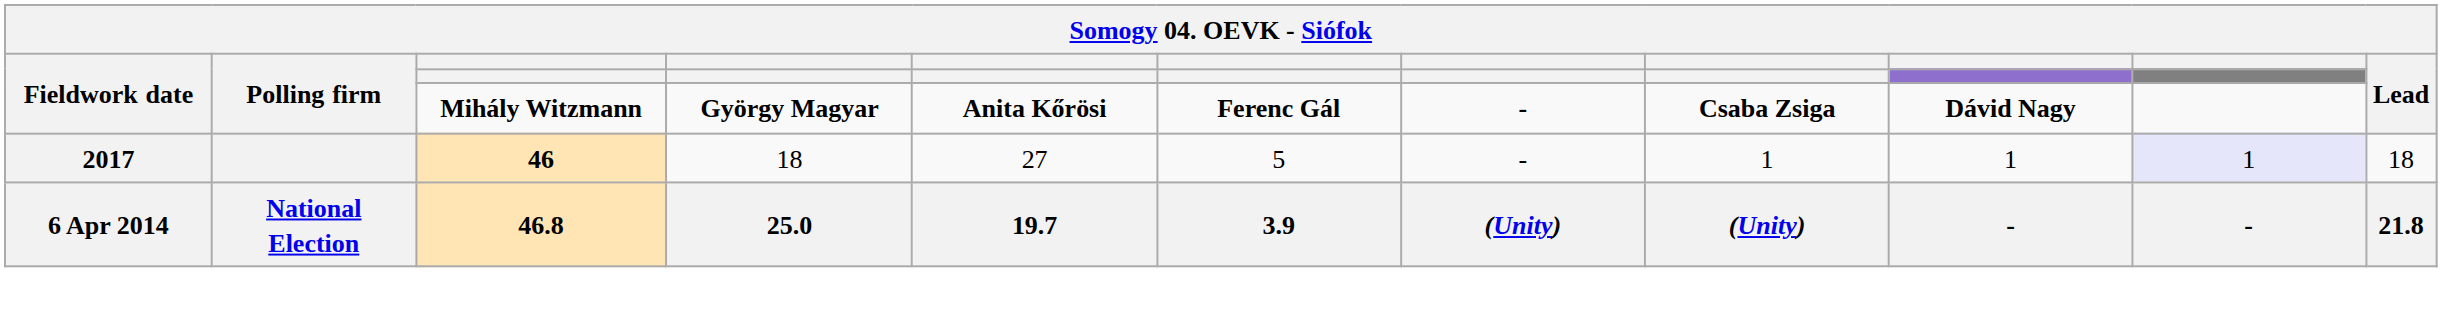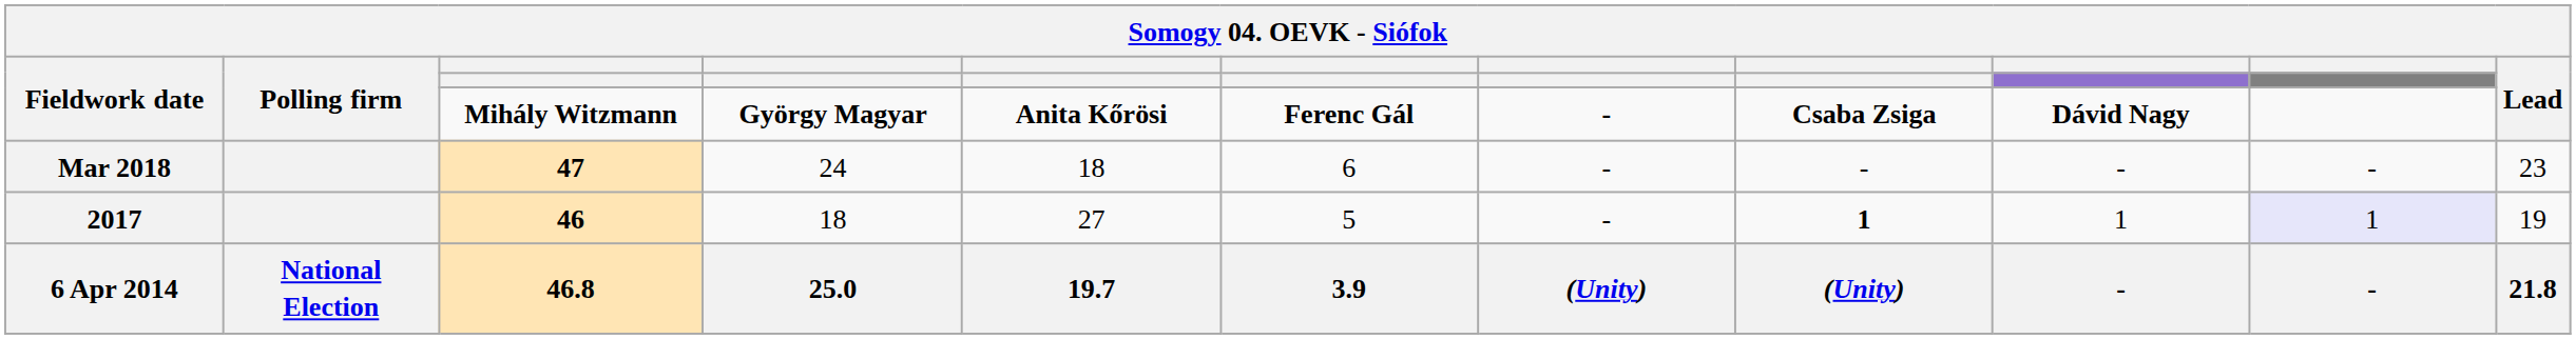 <table class="wikitable mw-collapsible mw-collapsed" style="text-align:center">
 <tr>
 <th colspan="11" style="width: 980pt;"><small><a href='#'>Somogy</a> 04. OEVK - <a href='#'>Siófok</a></small></th>
 </tr>
 <tr>
 <th rowspan="3" style="width: 80pt;"><small>Fieldwork</small> <small>date</small></th>
 <th rowspan="3" style="width: 80pt;"><strong><small>Polling</small> <small>firm</small></strong></th>
 <th style="width: 100pt;"><small></small></th>
 <th style="width: 100pt;"><small> </small></th>
 <th style="width: 100pt;"></th>
 <th style="width: 100pt;"></th>
 <th style="width: 100pt;"></th>
 <th style="width: 100pt;"></th>
 <th style="width: 100pt;"></th>
 <th style="width: 100pt;"></th>
 <th rowspan="3" style="width: 20pt;"><small>Lead</small></th>
 </tr>
 <tr>
 <th style="color:inherit;background:"></th>
 <th style="color:inherit;background:"></th>
 <th style="color:inherit;background:"></th>
 <th style="color:inherit;background:"></th>
 <th style="color:inherit;background:"></th>
 <th style="color:inherit;background:"></th>
 <th style="color:inherit;background:#8E6FCE;"></th>
 <th style="color:inherit;background:#808080;"></th>
 </tr>
 <tr>
 <td><strong><small>Mihály Witzmann</small></strong></td>
 <td><strong><small>György Magyar</small></strong></td>
 <td><strong><small>Anita Kőrösi</small></strong></td>
 <td><strong><small>Ferenc Gál</small></strong></td>
 <td><strong><small>-</small></strong></td>
 <td><strong><small>Csaba Zsiga</small></strong></td>
 <td><strong><small>Dávid Nagy</small></strong></td>
 <td></td>
 </tr>
 <tr>
+<th><small>Mar 2018</small></th>
+<th><small></small></th>
+<td style="background:#FFE5B4"><strong><small>47</small></strong></td>
+<td><small>24</small></td>
+<td><small>18</small></td>
+<td><small>6</small></td>
+<td><small>-</small></td>
+<td><small>-</small></td>
+<td><small>-</small></td>
+<td><small>-</small></td>
+<td style="background:"><small>23</small></td>
+</tr>
+<tr>
 <th><small>2017</small></th>
 <th><small></small></th>
 <td style="background:#FFE5B4"><strong><small>46</small></strong></td>
 <td><small>18</small></td>
 <td><small>27</small></td>
 <td><small>5</small></td>
 <td><small>-</small></td>
-<td><small>1</small></td>
+<td><strong><small>1</small></strong></td>
 <td><small>1</small></td>
 <td style="background: lavender;"><small>1</small></td>
-<td style="background:"><small>18</small></td>
+<td style="background:"><small>19</small></td>
 </tr>
 <tr>
 <th><small>6 Apr 2014</small></th>
 <th><a href='#'><small>National Election</small></a></th>
 <th style="background:#FFE5B4"><strong><small>46.8</small></strong></th>
 <th><small>25.0</small></th>
 <th><small>19.7</small></th>
 <th><small>3.9</small></th>
 <th><small><em>(<a href='#'>Unity</a>)</em></small></th>
 <th><small><em>(<a href='#'>Unity</a>)</em></small></th>
 <th><small>-</small></th>
 <th><small>-</small></th>
 <th style="background:"><small>21.8</small></th>
 </tr>
 </table>
